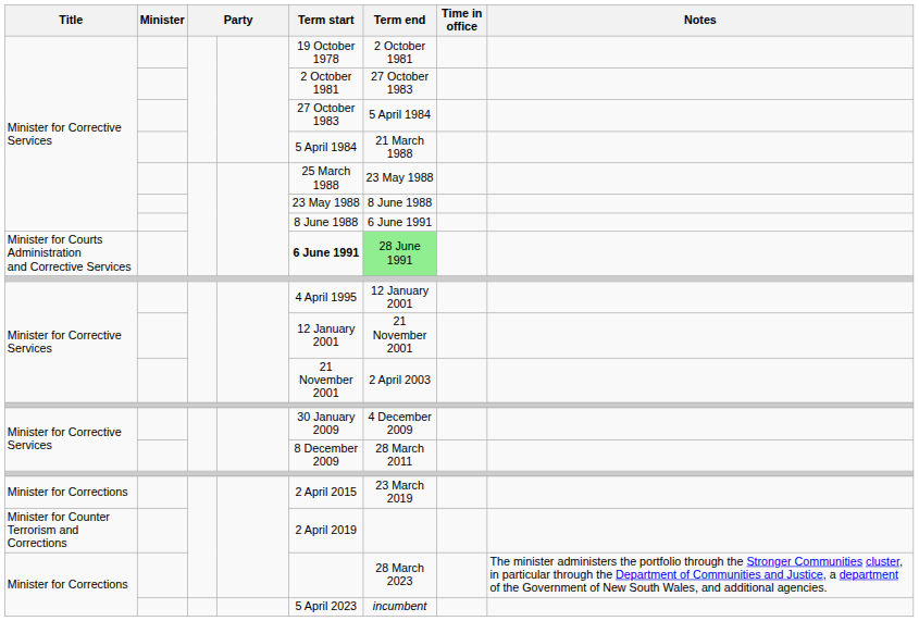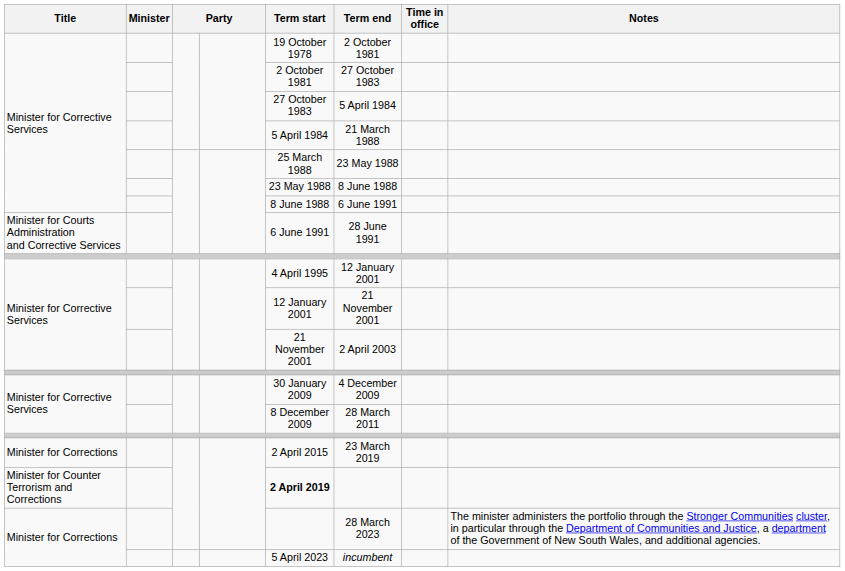 <table class="wikitable sortable">
 <tr>
 <th>Title</th>
 <th>Minister</th>
 <th colspan="2">Party</th>
 <th data-sort-type="date">Term start</th>
 <th data-sort-type=date>Term end</th>
 <th>Time in office</th>
 <th class="unsortable">Notes</th>
 </tr>
 <tr>
 <td rowspan=7>Minister for Corrective Services</td>
 <td></td>
 <td rowspan=4 > </td>
 <td rowspan=4 width=8%></td>
 <td align=center>19 October 1978</td>
 <td align=center>2 October 1981</td>
 <td align=right></td>
 <td></td>
 </tr>
 <tr>
 <td></td>
 <td align=center>2 October 1981</td>
 <td align=center>27 October 1983</td>
 <td align=right></td>
 <td></td>
 </tr>
 <tr>
 <td></td>
 <td align=center>27 October 1983</td>
 <td align=center>5 April 1984</td>
 <td align=right></td>
 <td></td>
 </tr>
 <tr>
 <td></td>
 <td align=center>5 April 1984</td>
 <td align=center>21 March 1988</td>
 <td align=right></td>
 <td></td>
 </tr>
 <tr>
 <td></td>
 <td rowspan=4 > </td>
 <td rowspan=4></td>
 <td align=center>25 March 1988</td>
 <td align=center>23 May 1988</td>
 <td align=right></td>
 <td></td>
 </tr>
 <tr>
 <td></td>
 <td align=center>23 May 1988</td>
 <td align=center>8 June 1988</td>
 <td align=right></td>
 <td></td>
 </tr>
 <tr>
 <td></td>
 <td align=center>8 June 1988</td>
 <td align=center>6 June 1991</td>
 <td align=right></td>
 <td></td>
 </tr>
 <tr>
 <td>Minister for Courts Administration<br>and Corrective Services</td>
 <td></td>
-<td align=center><strong>6 June 1991</strong></td>
-<td align=center style="background: lightgreen;">28 June 1991</td>
+<td align=center>6 June 1991</td>
+<td align=center>28 June 1991</td>
 <td align=right></td>
 <td></td>
 </tr>
 <tr>
 <th colspan=9 style="background: #cccccc;"></th>
 </tr>
 <tr>
 <td rowspan="3">Minister for Corrective Services</td>
 <td></td>
 <td rowspan="3" > </td>
 <td rowspan="3"></td>
 <td align=center>4 April 1995</td>
 <td align=center>12 January 2001</td>
 <td align=right></td>
 <td></td>
 </tr>
 <tr>
 <td></td>
 <td align=center>12 January 2001</td>
 <td align=center>21 November 2001</td>
 <td align=right></td>
 <td></td>
 </tr>
 <tr>
 <td></td>
 <td align=center>21 November 2001</td>
 <td align=center>2 April 2003</td>
 <td align=right></td>
 <td></td>
 </tr>
 <tr>
 <th colspan=9 style="background: #cccccc;"></th>
 </tr>
 <tr>
 <td rowspan="2">Minister for Corrective Services</td>
 <td></td>
 <td rowspan="2" > </td>
 <td rowspan="2"></td>
 <td align=center>30 January 2009</td>
 <td align=center>4 December 2009</td>
 <td align=right></td>
 <td align=center></td>
 </tr>
 <tr>
 <td></td>
 <td align=center>8 December 2009</td>
 <td align=center>28 March 2011</td>
 <td align=right></td>
 <td align=center></td>
 </tr>
 <tr>
 <th colspan=9 style="background: #cccccc;"></th>
 </tr>
 <tr>
 <td>Minister for Corrections</td>
 <td></td>
 <td rowspan="3" > </td>
 <td rowspan="3"></td>
 <td align=center>2 April 2015</td>
 <td align=center>23 March 2019</td>
 <td align=right></td>
 <td></td>
 </tr>
 <tr>
 <td>Minister for Counter Terrorism and Corrections</td>
 <td></td>
-<td align=center>2 April 2019</td>
+<td align=center><strong>2 April 2019</strong></td>
 <td align=center></td>
 <td align=right></td>
 <td></td>
 </tr>
 <tr>
 <td rowspan="2">Minister for Corrections</td>
 <td></td>
 <td align=center></td>
 <td align=center>28 March 2023</td>
 <td align=right></td>
 <td> The minister administers the portfolio through the <a href='#'>Stronger Communities</a> <a href='#'>cluster</a>, in particular through the <a href='#'>Department of Communities and Justice</a>, a <a href='#'>department</a> of the Government of New South Wales, and additional agencies.</td>
 </tr>
 <tr>
 <td></td>
 <td> </td>
 <td></td>
 <td align=center>5 April 2023</td>
 <td align=center><em>incumbent</em></td>
 <td align=right></td>
 <td align=center></td>
 </tr>
 </table>
